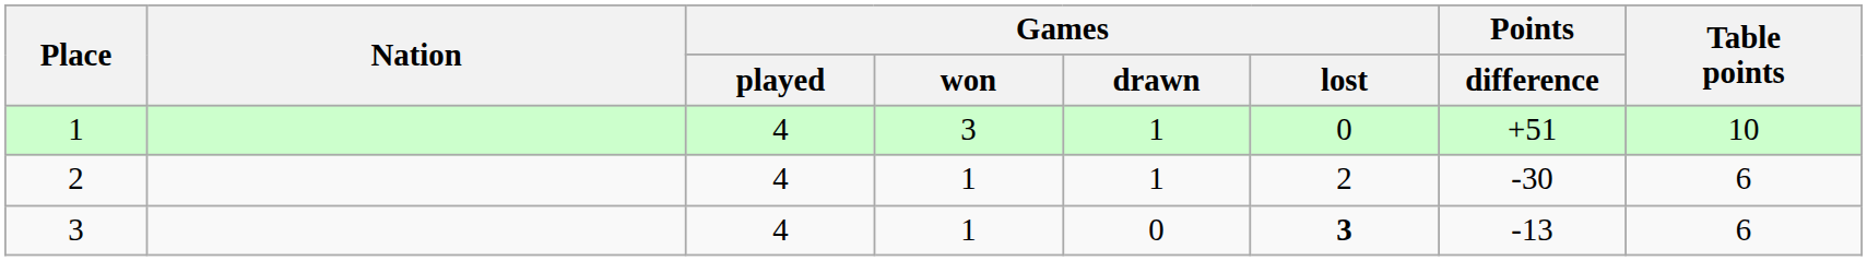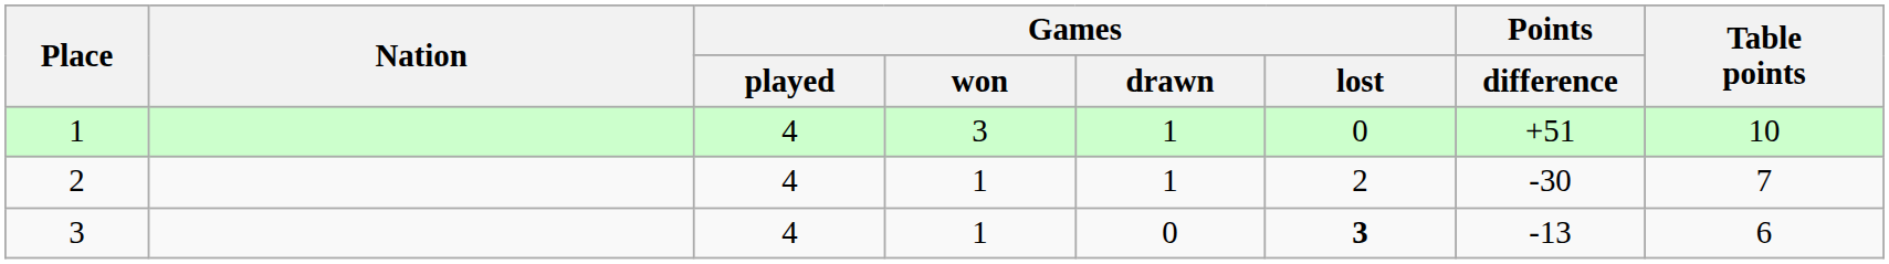 <table class="wikitable">
 <tr>
 <th rowspan="2" width="6%">Place</th>
 <th rowspan="2" width="23%">Nation</th>
 <th colspan="4" width="40%">Games</th>
 <th>Points</th>
 <th rowspan="2" width="10%">Table<br>points</th>
 </tr>
 <tr>
 <th width="8%">played</th>
 <th width="8%">won</th>
 <th width="8%">drawn</th>
 <th width="8%">lost</th>
 <th width="8%">difference</th>
 </tr>
 <tr bgcolor="ccffcc" align="center">
 <td>1</td>
 <td align="left"></td>
 <td>4</td>
 <td>3</td>
 <td>1</td>
 <td>0</td>
 <td>+51</td>
 <td>10</td>
 </tr>
 <tr align="center">
 <td>2</td>
 <td align="left"></td>
 <td>4</td>
 <td>1</td>
 <td>1</td>
 <td>2</td>
 <td>-30</td>
-<td>6</td>
+<td>7</td>
 </tr>
 <tr align="center">
 <td>3</td>
 <td align="left"></td>
 <td>4</td>
 <td>1</td>
 <td>0</td>
 <td><strong>3</strong></td>
 <td>-13</td>
 <td>6</td>
 </tr>
 </table>
